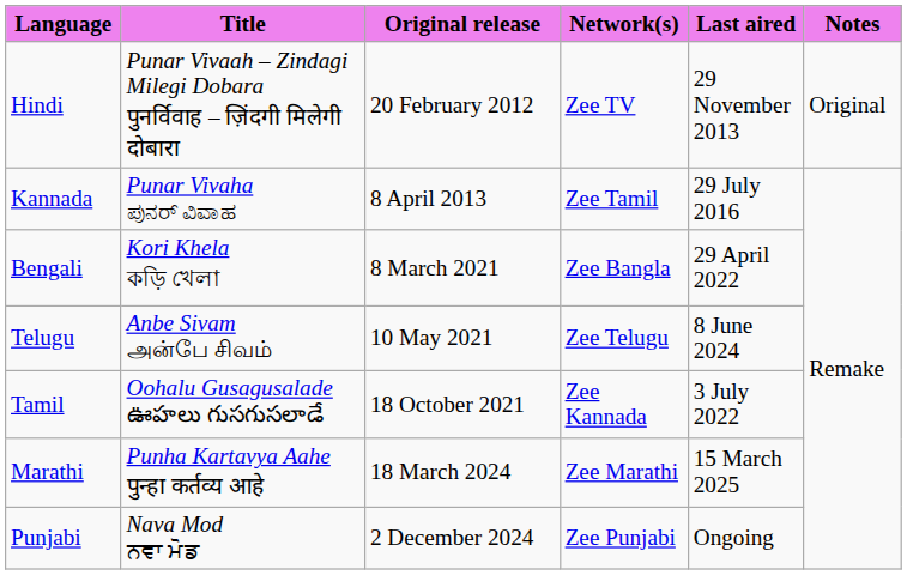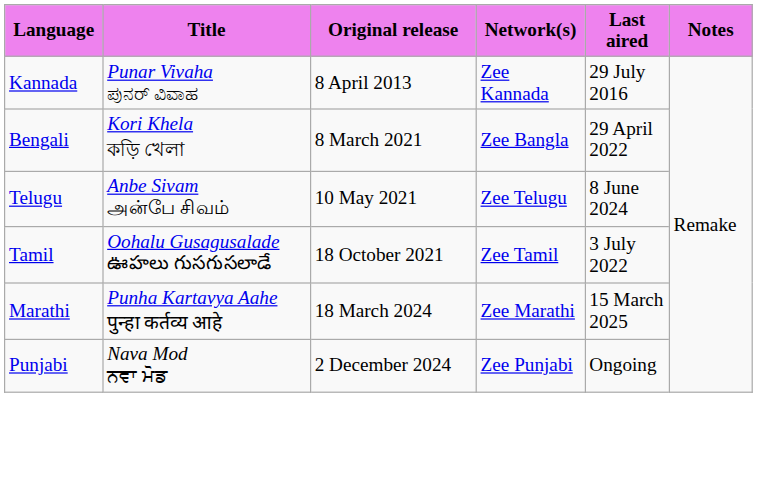 <table class="wikitable" style="width: 100%; margin-right: 0;">
 <tr>
 <th style="background:Violet; width:10%;">Language</th>
 <th style="background:Violet; width:25%;">Title</th>
 <th style="background:Violet; width:20%;">Original release</th>
 <th style="background:Violet; width:10%;">Network(s)</th>
 <th style="background:Violet; width:10%;">Last aired</th>
 <th style="background:Violet; width:10%;">Notes</th>
 </tr>
 <tr>
-<td><a href='#'>Hindi</a></td>
-<td><em>Punar Vivaah – Zindagi Milegi Dobara</em> <br> पुनर्विवाह – ज़िंदगी मिलेगी दोबारा</td>
-<td>20 February 2012</td>
-<td><a href='#'>Zee TV</a></td>
-<td>29 November 2013</td>
-<td>Original</td>
-</tr>
-<tr>
 <td><a href='#'>Kannada</a></td>
 <td><em><a href='#'>Punar Vivaha</a></em> <br> ಪುನರ್ ವಿವಾಹ</td>
 <td>8 April 2013</td>
-<td><a href='#'>Zee Tamil</a></td>
+<td><a href='#'>Zee Kannada</a></td>
 <td>29 July 2016</td>
 <td rowspan="6">Remake</td>
 </tr>
 <tr>
 <td><a href='#'>Bengali</a></td>
 <td><em><a href='#'>Kori Khela</a></em> <br> কড়ি খেলা</td>
 <td>8 March 2021</td>
 <td><a href='#'>Zee Bangla</a></td>
 <td>29 April 2022</td>
 </tr>
 <tr>
 <td><a href='#'>Telugu</a></td>
 <td><em><a href='#'>Anbe Sivam</a></em> <br> அன்பே சிவம்</td>
 <td>10 May 2021</td>
 <td><a href='#'>Zee Telugu</a></td>
 <td>8 June 2024</td>
 </tr>
 <tr>
 <td><a href='#'>Tamil</a></td>
 <td><em><a href='#'>Oohalu Gusagusalade</a></em> <br>ఊహలు గుసగుసలాడే</td>
 <td>18 October 2021</td>
-<td><a href='#'>Zee Kannada</a></td>
+<td><a href='#'>Zee Tamil</a></td>
 <td>3 July 2022</td>
 </tr>
 <tr>
 <td><a href='#'>Marathi</a></td>
 <td><em><a href='#'>Punha Kartavya Aahe</a></em> <br> पुन्हा कर्तव्य आहे</td>
 <td>18 March 2024</td>
 <td><a href='#'>Zee Marathi</a></td>
 <td>15 March 2025</td>
 </tr>
 <tr>
 <td><a href='#'>Punjabi</a></td>
 <td><em>Nava Mod</em> <br> ਨਵਾ ਮੋਡ</td>
 <td>2 December 2024</td>
 <td><a href='#'>Zee Punjabi</a></td>
 <td>Ongoing</td>
 </tr>
 </table>
